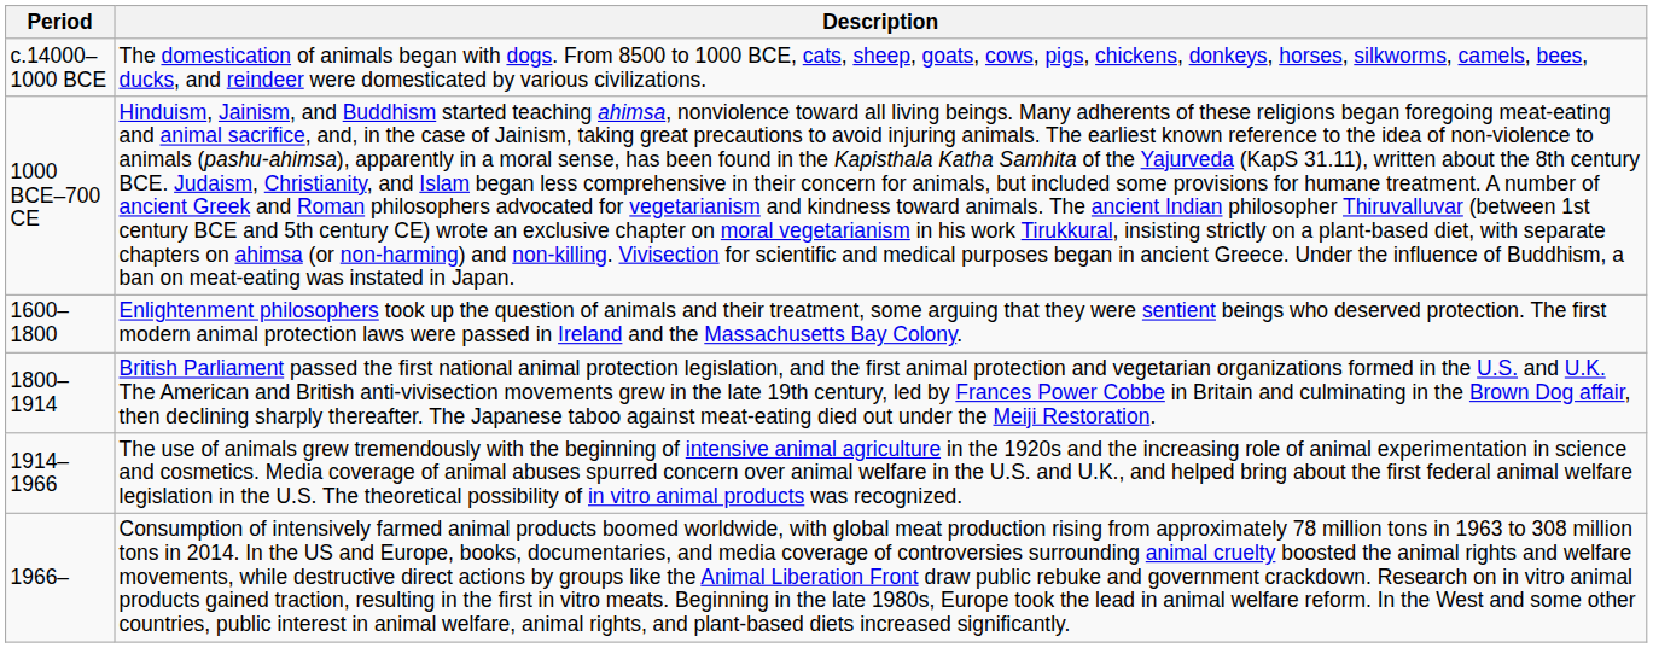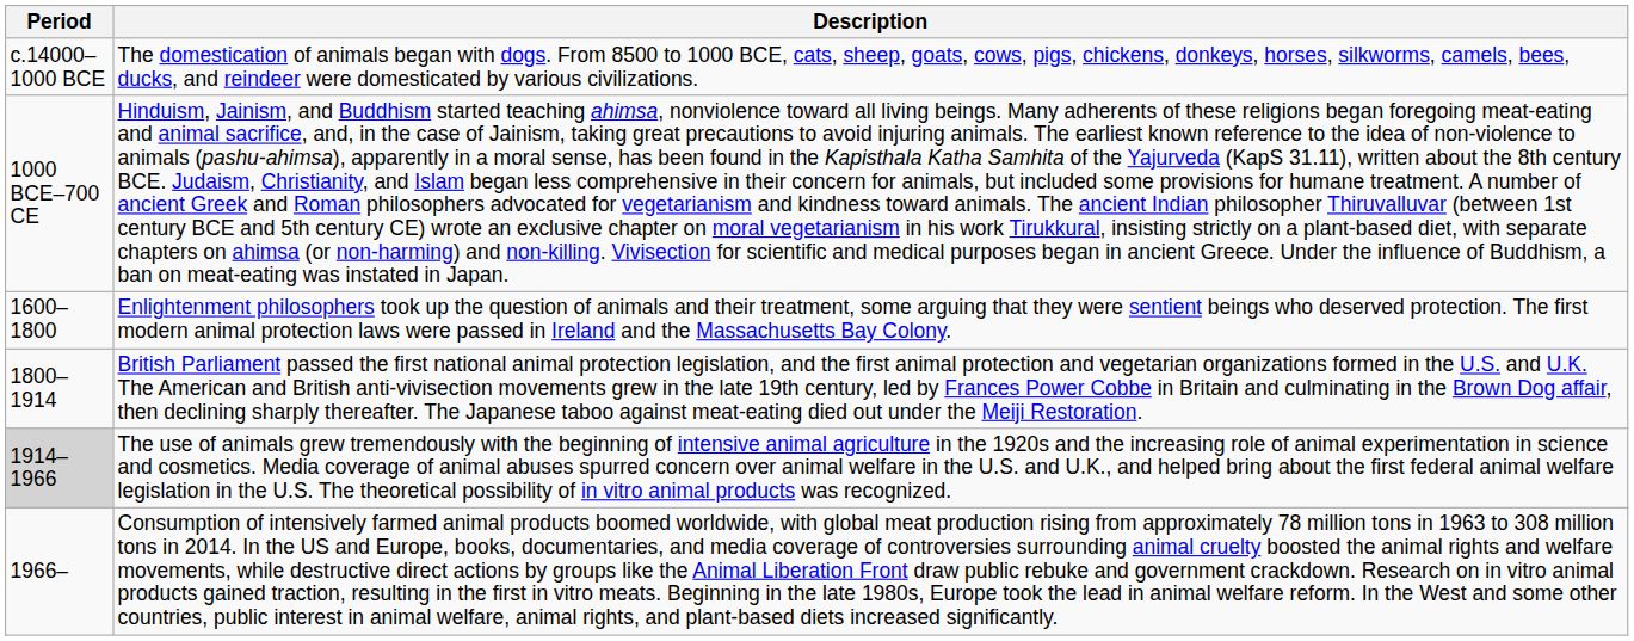 <table class="sortable wikitable">
 <tr>
 <th>Period</th>
 <th>Description</th>
 </tr>
 <tr>
 <td>c.14000–1000 BCE</td>
 <td>The <a href='#'>domestication</a> of animals began with <a href='#'>dogs</a>. From 8500 to 1000 BCE, <a href='#'>cats</a>, <a href='#'>sheep</a>, <a href='#'>goats</a>, <a href='#'>cows</a>, <a href='#'>pigs</a>, <a href='#'>chickens</a>, <a href='#'>donkeys</a>, <a href='#'>horses</a>, <a href='#'>silkworms</a>, <a href='#'>camels</a>, <a href='#'>bees</a>, <a href='#'>ducks</a>, and <a href='#'>reindeer</a> were domesticated by various civilizations.</td>
 </tr>
 <tr>
 <td>1000 BCE–700 CE</td>
 <td><a href='#'>Hinduism</a>, <a href='#'>Jainism</a>, and <a href='#'>Buddhism</a> started teaching <em><a href='#'>ahimsa</a></em>, nonviolence toward all living beings. Many adherents of these religions began foregoing meat-eating and <a href='#'>animal sacrifice</a>, and, in the case of Jainism, taking great precautions to avoid injuring animals. The earliest known reference to the idea of non-violence to animals (<em>pashu-ahimsa</em>), apparently in a moral sense, has been found in the <em>Kapisthala Katha Samhita</em> of the <a href='#'>Yajurveda</a> (KapS 31.11), written about the 8th century BCE. <a href='#'>Judaism</a>, <a href='#'>Christianity</a>, and <a href='#'>Islam</a> began less comprehensive in their concern for animals, but included some provisions for humane treatment. A number of <a href='#'>ancient Greek</a> and <a href='#'>Roman</a> philosophers advocated for <a href='#'>vegetarianism</a> and kindness toward animals. The <a href='#'>ancient Indian</a> philosopher <a href='#'>Thiruvalluvar</a> (between 1st century BCE and 5th century CE) wrote an exclusive chapter on <a href='#'>moral vegetarianism</a> in his work <a href='#'>Tirukkural</a>, insisting strictly on a plant-based diet, with separate chapters on <a href='#'>ahimsa</a> (or <a href='#'>non-harming</a>) and <a href='#'>non-killing</a>. <a href='#'>Vivisection</a> for scientific and medical purposes began in ancient Greece. Under the influence of Buddhism, a ban on meat-eating was instated in Japan.</td>
 </tr>
 <tr>
 <td>1600–1800</td>
 <td><a href='#'>Enlightenment philosophers</a> took up the question of animals and their treatment, some arguing that they were <a href='#'>sentient</a> beings who deserved protection. The first modern animal protection laws were passed in <a href='#'>Ireland</a> and the <a href='#'>Massachusetts Bay Colony</a>.</td>
 </tr>
 <tr>
 <td>1800–1914</td>
 <td><a href='#'>British Parliament</a> passed the first national animal protection legislation, and the first animal protection and vegetarian organizations formed in the <a href='#'>U.S.</a> and <a href='#'>U.K.</a> The American and British anti-vivisection movements grew in the late 19th century, led by <a href='#'>Frances Power Cobbe</a> in Britain and culminating in the <a href='#'>Brown Dog affair</a>, then declining sharply thereafter. The Japanese taboo against meat-eating died out under the <a href='#'>Meiji Restoration</a>.</td>
 </tr>
 <tr>
-<td>1914–1966</td>
+<td style="background: lightgrey;">1914–1966</td>
 <td>The use of animals grew tremendously with the beginning of <a href='#'>intensive animal agriculture</a> in the 1920s and the increasing role of animal experimentation in science and cosmetics. Media coverage of animal abuses spurred concern over animal welfare in the U.S. and U.K., and helped bring about the first federal animal welfare legislation in the U.S. The theoretical possibility of <a href='#'>in vitro animal products</a> was recognized.</td>
 </tr>
 <tr>
 <td>1966–</td>
 <td>Consumption of intensively farmed animal products boomed worldwide, with global meat production rising from approximately 78 million tons in 1963 to 308 million tons in 2014. In the US and Europe, books, documentaries, and media coverage of controversies surrounding <a href='#'>animal cruelty</a> boosted the animal rights and welfare movements, while destructive direct actions by groups like the <a href='#'>Animal Liberation Front</a> draw public rebuke and government crackdown. Research on in vitro animal products gained traction, resulting in the first in vitro meats. Beginning in the late 1980s, Europe took the lead in animal welfare reform. In the West and some other countries, public interest in animal welfare, animal rights, and plant-based diets increased significantly.</td>
 </tr>
 </table>
